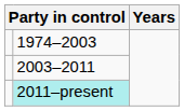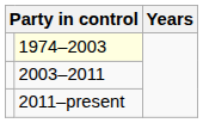 <table class="wikitable">
 <tr>
 <th colspan=2>Party in control</th>
 <th>Years</th>
 </tr>
 <tr>
 <td></td>
-<td>1974–2003</td>
+<td style="background: lightyellow;">1974–2003</td>
 </tr>
 <tr>
 <td></td>
 <td>2003–2011</td>
 </tr>
 <tr>
 <td></td>
-<td style="background: paleturquoise;">2011–present</td>
+<td>2011–present</td>
 </tr>
 </table>
